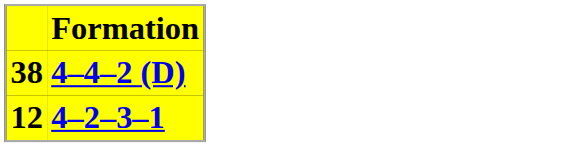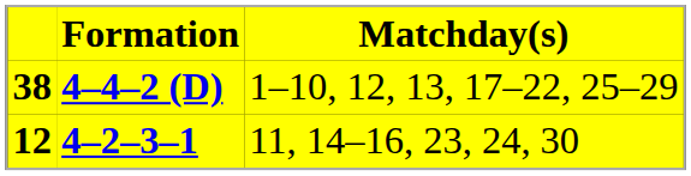 <table class="toccolours" border="0" cellpadding="2" cellspacing="0" align="center" style="margin: 0.5em 0 1em 1em; background: #000000; border: 1px #aaaaaa solid;">
 <tr bgcolor=#FFFF00>
 <th></th>
 <th>Formation</th>
+<th>Matchday(s)</th>
 </tr>
 <tr bgcolor=#FFFF00>
 <td><strong>38</strong></td>
 <td><a href='#'><span><strong>4–4–2 (D)</strong></span></a></td>
+<td>1–10, 12, 13, 17–22, 25–29</td>
 </tr>
 <tr bgcolor=#FFFF00>
 <td><strong>12</strong></td>
 <td><a href='#'><span><strong>4–2–3–1</strong></span></a></td>
+<td>11, 14–16, 23, 24, 30</td>
 </tr>
 </table>
